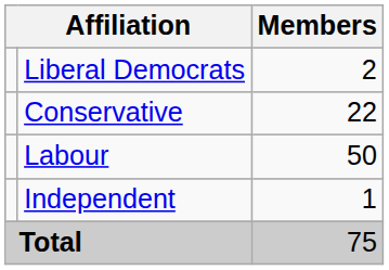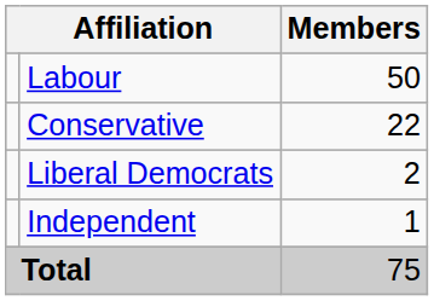 <table class="wikitable">
 <tr>
 <th colspan="2">Affiliation</th>
 <th>Members</th>
 </tr>
 <tr>
 <td></td>
-<td><a href='#'>Liberal Democrats</a></td>
-<td style="text-align:right;">2</td>
+<td><a href='#'>Labour</a></td>
+<td style="text-align:right;">50</td>
 </tr>
 <tr>
 <td></td>
 <td><a href='#'>Conservative</a></td>
 <td style="text-align:right;">22</td>
 </tr>
 <tr>
 <td></td>
-<td><a href='#'>Labour</a></td>
-<td style="text-align:right;">50</td>
+<td><a href='#'>Liberal Democrats</a></td>
+<td style="text-align:right;">2</td>
 </tr>
 <tr>
 <td></td>
 <td><a href='#'>Independent</a></td>
 <td style="text-align:right;">1</td>
 </tr>
 <tr style="background:#ccc;">
 <td colspan="2"> <strong>Total</strong></td>
 <td style="text-align:right;">75</td>
 </tr>
 </table>
